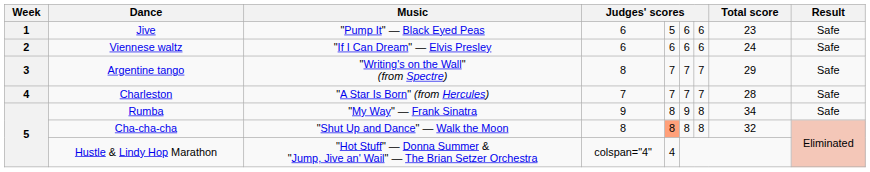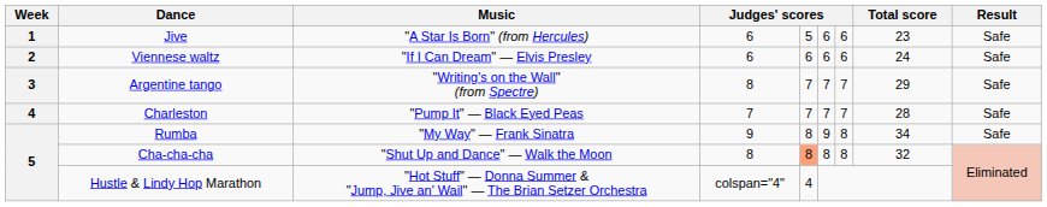 <table class="wikitable unsortable" style="text-align:center; width:80%">
 <tr>
 <th scope="col">Week</th>
 <th scope="col">Dance</th>
 <th scope="col">Music</th>
 <th scope="col" colspan="4">Judges' scores</th>
 <th scope="col">Total score</th>
 <th scope="col">Result</th>
 </tr>
 <tr>
 <th scope="row">1</th>
 <td><a href='#'>Jive</a></td>
-<td>"<a href='#'>Pump It</a>" — <a href='#'>Black Eyed Peas</a></td>
+<td>"<a href='#'>A Star Is Born</a>" <em>(from <a href='#'>Hercules</a>)</em></td>
 <td>6</td>
 <td>5</td>
 <td>6</td>
 <td>6</td>
 <td>23</td>
 <td>Safe</td>
 </tr>
 <tr>
 <th scope="row">2</th>
 <td><a href='#'>Viennese waltz</a></td>
 <td>"<a href='#'>If I Can Dream</a>" — <a href='#'>Elvis Presley</a></td>
 <td>6</td>
 <td>6</td>
 <td>6</td>
 <td>6</td>
 <td>24</td>
 <td>Safe</td>
 </tr>
 <tr>
 <th scope="row">3</th>
 <td><a href='#'>Argentine tango</a></td>
 <td>"<a href='#'>Writing's on the Wall</a>"<br><em>(from <a href='#'>Spectre</a>)</em></td>
 <td>8</td>
 <td>7</td>
 <td>7</td>
 <td>7</td>
 <td>29</td>
 <td>Safe</td>
 </tr>
 <tr>
 <th scope="row">4</th>
 <td><a href='#'>Charleston</a></td>
-<td>"<a href='#'>A Star Is Born</a>" <em>(from <a href='#'>Hercules</a>)</em></td>
+<td>"<a href='#'>Pump It</a>" — <a href='#'>Black Eyed Peas</a></td>
 <td>7</td>
 <td>7</td>
 <td>7</td>
 <td>7</td>
 <td>28</td>
 <td>Safe</td>
 </tr>
 <tr>
 <th rowspan="3" scope="row">5</th>
 <td><a href='#'>Rumba</a></td>
 <td>"<a href='#'>My Way</a>" — <a href='#'>Frank Sinatra</a></td>
 <td>9</td>
 <td>8</td>
 <td>9</td>
 <td>8</td>
 <td>34</td>
 <td>Safe</td>
 </tr>
 <tr>
 <td><a href='#'>Cha-cha-cha</a></td>
 <td>"<a href='#'>Shut Up and Dance</a>" — <a href='#'>Walk the Moon</a></td>
 <td>8</td>
 <td style="background: lightsalmon;">8</td>
 <td>8</td>
 <td>8</td>
 <td>32</td>
 <td rowspan="2" bgcolor="f4c7b8">Eliminated</td>
 </tr>
 <tr>
 <td><a href='#'>Hustle</a> & <a href='#'>Lindy Hop</a> Marathon</td>
 <td>"<a href='#'>Hot Stuff</a>" — <a href='#'>Donna Summer</a> &<br>"<a href='#'>Jump, Jive an' Wail</a>" — <a href='#'>The Brian Setzer Orchestra</a></td>
 <td>colspan="4" </td>
 <td>4</td>
 </tr>
 </table>
